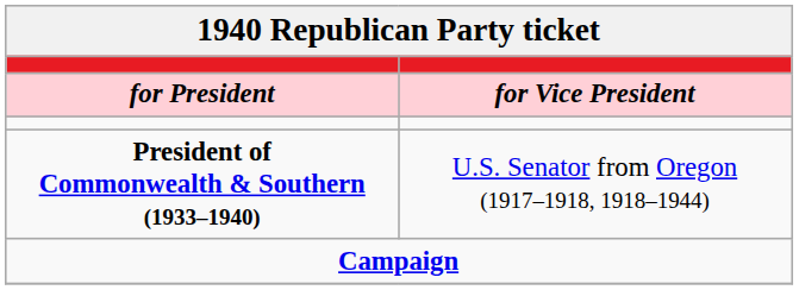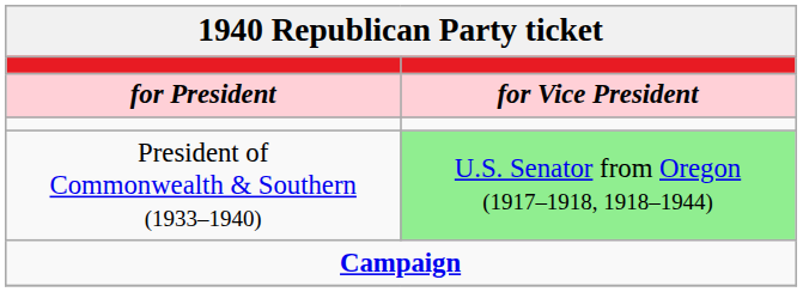 <table class="wikitable" style="font-size:90%; text-align:center;">
 <tr>
 <td style="background:#f1f1f1;" colspan="30"><big><strong>1940 Republican Party ticket</strong></big></td>
 </tr>
 <tr>
 <th style="width:3em; font-size:135%; background:#E81B23; width:200px;"><a href='#'></a></th>
 <th style="width:3em; font-size:135%; background:#E81B23; width:200px;"><a href='#'></a></th>
 </tr>
 <tr style="color:#000; font-size:100%; background:#FFD0D7;">
 <td style="width:3em; width:200px;"><strong><em>for President</em></strong></td>
 <td style="width:3em; width:200px;"><strong><em>for Vice President</em></strong></td>
 </tr>
 <tr>
 <td></td>
 <td></td>
 </tr>
 <tr>
-<td><strong>President of<br><a href='#'>Commonwealth & Southern</a><br><small>(1933–1940)</small></strong></td>
-<td><a href='#'>U.S. Senator</a> from <a href='#'>Oregon</a><br><small>(1917–1918, 1918–1944)</small></td>
+<td>President of<br><a href='#'>Commonwealth & Southern</a><br><small>(1933–1940)</small></td>
+<td style="background: lightgreen;"><a href='#'>U.S. Senator</a> from <a href='#'>Oregon</a><br><small>(1917–1918, 1918–1944)</small></td>
 </tr>
 <tr>
 <td colspan=2><a href='#'><strong>Campaign</strong></a></td>
 </tr>
 <tr>
 </tr>
 </table>
